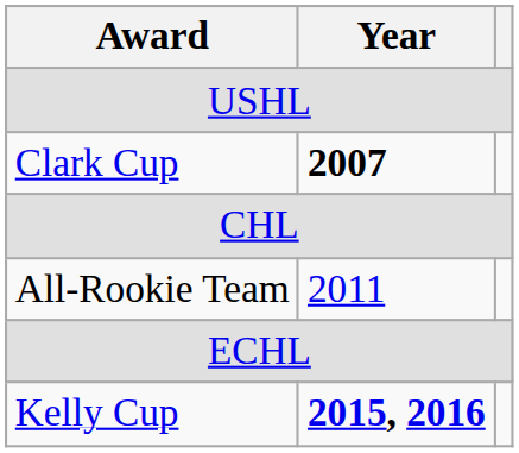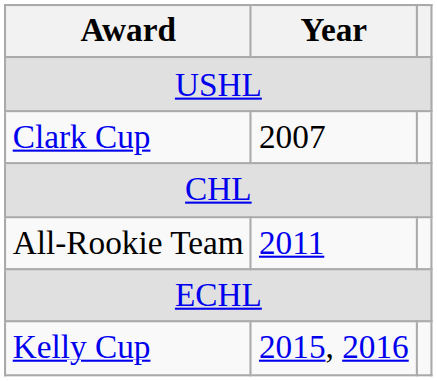 <table class="wikitable">
 <tr>
 <th>Award</th>
 <th>Year</th>
 <th></th>
 </tr>
 <tr ALIGN="center" bgcolor="#e0e0e0">
 <td colspan="3"><a href='#'>USHL</a></td>
 </tr>
 <tr>
 <td><a href='#'>Clark Cup</a></td>
-<td><strong>2007</strong></td>
+<td>2007</td>
 <td></td>
 </tr>
 <tr ALIGN="center" bgcolor="#e0e0e0">
 <td colspan="3"><a href='#'>CHL</a></td>
 </tr>
 <tr>
 <td>All-Rookie Team</td>
 <td><a href='#'>2011</a></td>
 <td></td>
 </tr>
 <tr ALIGN="center" bgcolor="#e0e0e0">
 <td colspan="3"><a href='#'>ECHL</a></td>
 </tr>
 <tr>
 <td><a href='#'>Kelly Cup</a></td>
-<td><strong><a href='#'>2015</a>, <a href='#'>2016</a></strong></td>
+<td><a href='#'>2015</a>, <a href='#'>2016</a></td>
 <td></td>
 </tr>
 </table>
